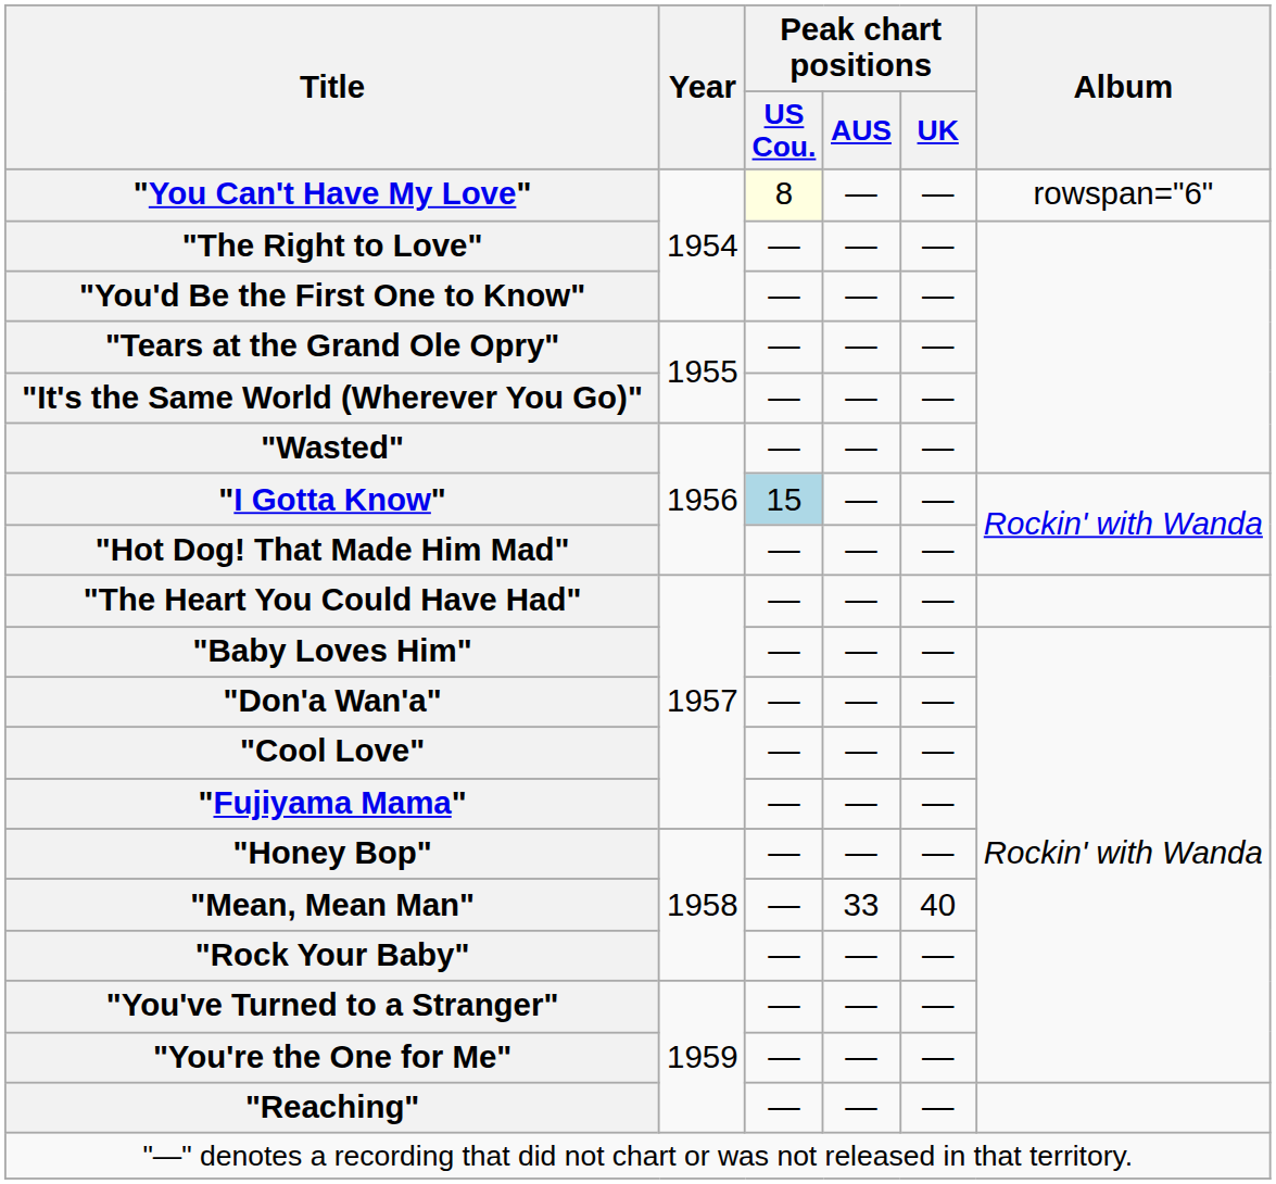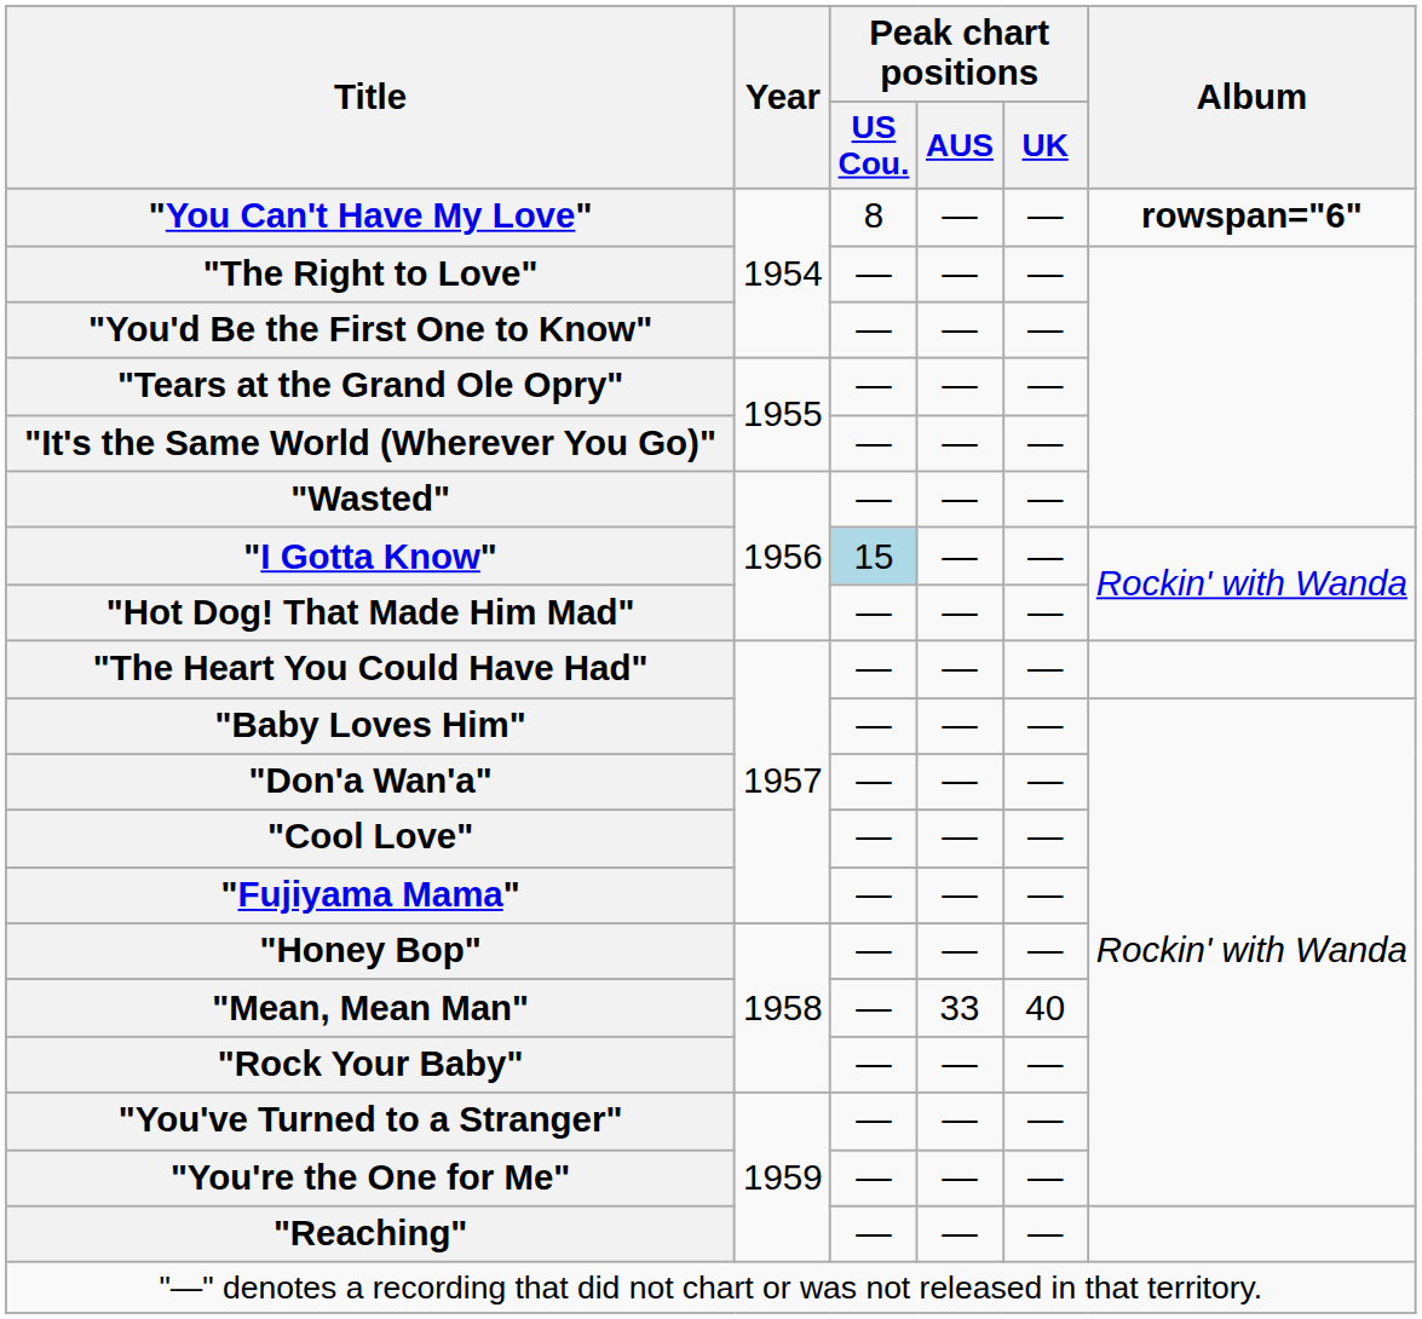 <table class="wikitable plainrowheaders" style="text-align:center;" border="1">
 <tr>
 <th scope="col" rowspan="2" style="width:20em;">Title</th>
 <th scope="col" rowspan="2">Year</th>
 <th scope="col" colspan="3">Peak chart<br>positions</th>
 <th scope="col" rowspan="2">Album</th>
 </tr>
 <tr>
 <th scope="col" style="width:2.2em;font-size:90%;"><a href='#'>US<br>Cou.</a><br></th>
 <th scope="col" style="width:2.2em;font-size:90%;"><a href='#'>AUS</a><br></th>
 <th scope="col" style="width:2.2em;font-size:90%;"><a href='#'>UK</a><br></th>
 </tr>
 <tr>
 <th scope="row">"<a href='#'>You Can't Have My Love</a>" </th>
 <td rowspan="3">1954</td>
-<td style="background: lightyellow;">8</td>
+<td>8</td>
 <td>—</td>
 <td>—</td>
-<td>rowspan="6" </td>
+<td><strong>rowspan="6" </strong></td>
 </tr>
 <tr>
 <th scope="row">"The Right to Love"</th>
 <td>—</td>
 <td>—</td>
 <td>—</td>
 </tr>
 <tr>
 <th scope="row">"You'd Be the First One to Know"</th>
 <td>—</td>
 <td>—</td>
 <td>—</td>
 </tr>
 <tr>
 <th scope="row">"Tears at the Grand Ole Opry"</th>
 <td rowspan="2">1955</td>
 <td>—</td>
 <td>—</td>
 <td>—</td>
 </tr>
 <tr>
 <th scope="row">"It's the Same World (Wherever You Go)"</th>
 <td>—</td>
 <td>—</td>
 <td>—</td>
 </tr>
 <tr>
 <th scope="row">"Wasted"</th>
 <td rowspan="3">1956</td>
 <td>—</td>
 <td>—</td>
 <td>—</td>
 </tr>
 <tr>
 <th scope="row">"<a href='#'>I Gotta Know</a>"</th>
 <td style="background: lightblue;">15</td>
 <td>—</td>
 <td>—</td>
 <td rowspan="2"><em><a href='#'>Rockin' with Wanda</a></em></td>
 </tr>
 <tr>
 <th scope="row">"Hot Dog! That Made Him Mad"</th>
 <td>—</td>
 <td>—</td>
 <td>—</td>
 </tr>
 <tr>
 <th scope="row">"The Heart You Could Have Had"</th>
 <td rowspan="5">1957</td>
 <td>—</td>
 <td>—</td>
 <td>—</td>
 <td></td>
 </tr>
 <tr>
 <th scope="row">"Baby Loves Him"</th>
 <td>—</td>
 <td>—</td>
 <td>—</td>
 <td rowspan="9"><em>Rockin' with Wanda</em></td>
 </tr>
 <tr>
 <th scope="row">"Don'a Wan'a"</th>
 <td>—</td>
 <td>—</td>
 <td>—</td>
 </tr>
 <tr>
 <th scope="row">"Cool Love"</th>
 <td>—</td>
 <td>—</td>
 <td>—</td>
 </tr>
 <tr>
 <th scope="row">"<a href='#'>Fujiyama Mama</a>"</th>
 <td>—</td>
 <td>—</td>
 <td>—</td>
 </tr>
 <tr>
 <th scope="row">"Honey Bop"</th>
 <td rowspan="3">1958</td>
 <td>—</td>
 <td>—</td>
 <td>—</td>
 </tr>
 <tr>
 <th scope="row">"Mean, Mean Man"</th>
 <td>—</td>
 <td>33</td>
 <td>40</td>
 </tr>
 <tr>
 <th scope="row">"Rock Your Baby"</th>
 <td>—</td>
 <td>—</td>
 <td>—</td>
 </tr>
 <tr>
 <th scope="row">"You've Turned to a Stranger"</th>
 <td rowspan="3">1959</td>
 <td>—</td>
 <td>—</td>
 <td>—</td>
 </tr>
 <tr>
 <th scope="row">"You're the One for Me"</th>
 <td>—</td>
 <td>—</td>
 <td>—</td>
 </tr>
 <tr>
 <th scope="row">"Reaching"</th>
 <td>—</td>
 <td>—</td>
 <td>—</td>
 <td></td>
 </tr>
 <tr>
 <td colspan="6" style="font-size:90%">"—" denotes a recording that did not chart or was not released in that territory.</td>
 </tr>
 </table>
